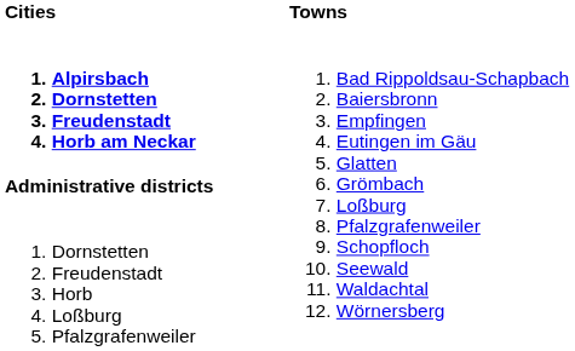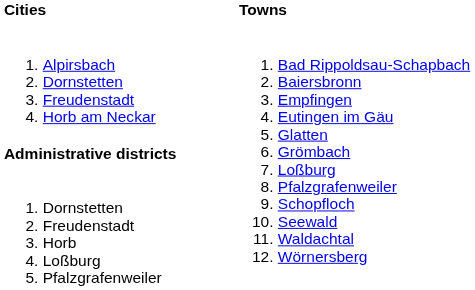 <table>
 <tr>
 <th width=50% align=left>Cities</th>
 <th width=50% align=left>Towns</th>
 </tr>
 <tr valign=top>
-<td><strong><br><ol><li><a href='#'>Alpirsbach</a></li><li><a href='#'>Dornstetten</a></li><li><a href='#'>Freudenstadt</a></li><li><a href='#'>Horb am Neckar</a></li></ol></strong></td>
+<td><br><ol><li><a href='#'>Alpirsbach</a></li><li><a href='#'>Dornstetten</a></li><li><a href='#'>Freudenstadt</a></li><li><a href='#'>Horb am Neckar</a></li></ol></td>
 <td rowspan=3><br><ol><li><a href='#'>Bad Rippoldsau-Schapbach</a></li><li><a href='#'>Baiersbronn</a></li><li><a href='#'>Empfingen</a></li><li><a href='#'>Eutingen im Gäu</a></li><li><a href='#'>Glatten</a></li><li><a href='#'>Grömbach</a></li><li><a href='#'>Loßburg</a></li><li><a href='#'>Pfalzgrafenweiler</a></li><li><a href='#'>Schopfloch</a></li><li><a href='#'>Seewald</a></li><li><a href='#'>Waldachtal</a></li><li><a href='#'>Wörnersberg</a></li></ol></td>
 </tr>
 <tr>
 <th align=left>Administrative districts</th>
 </tr>
 <tr>
 <td><br><ol><li>Dornstetten</li><li>Freudenstadt</li><li>Horb</li><li>Loßburg</li><li>Pfalzgrafenweiler</li></ol></td>
 </tr>
 </table>
